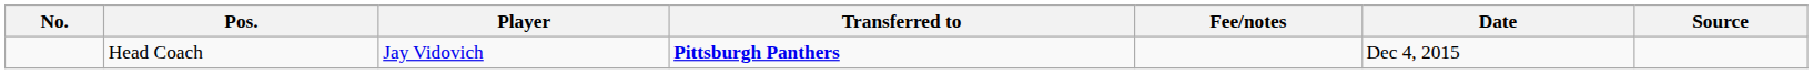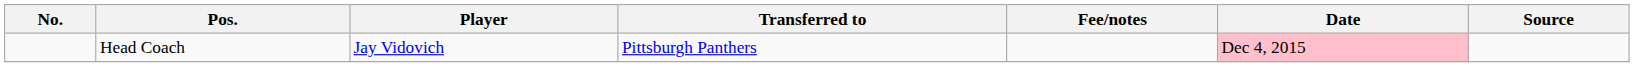 <table class="wikitable sortable" style="width:90%; text-align:center; font-size:95%; text-align:left;">
 <tr>
 <th><strong>No.</strong></th>
 <th><strong>Pos.</strong></th>
 <th><strong>Player</strong></th>
 <th><strong>Transferred to</strong></th>
 <th><strong>Fee/notes</strong></th>
 <th><strong>Date</strong></th>
 <th><strong>Source</strong></th>
 </tr>
 <tr>
 <td></td>
 <td>Head Coach</td>
 <td> <a href='#'>Jay Vidovich</a></td>
-<td><strong> <a href='#'>Pittsburgh Panthers</a></strong></td>
+<td> <a href='#'>Pittsburgh Panthers</a></td>
 <td></td>
-<td>Dec 4, 2015</td>
+<td style="background: pink;">Dec 4, 2015</td>
 <td></td>
 </tr>
 <tr>
 </tr>
 </table>
